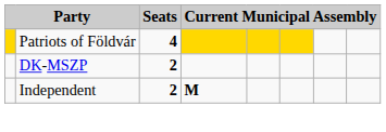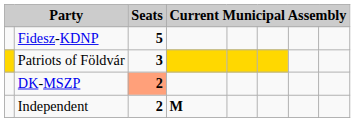 <table class="wikitable">
 <tr>
 <th style="background:#ccc" colspan="2">Party</th>
 <th style="background:#ccc">Seats</th>
 <th style="background:#ccc" colspan="5">Current Municipal Assembly</th>
 </tr>
 <tr>
+<td style="background-color: "> </td>
+<td><a href='#'>Fidesz</a>-<a href='#'>KDNP</a></td>
+<td style="text-align: right"><strong>5</strong></td>
+<td style="background-color: "> </td>
+<td style="background-color: "> </td>
+<td style="background-color: "> </td>
+<td style="background-color: "> </td>
+<td style="background-color: "> </td>
+</tr>
+<tr>
 <td style="background-color: #FFD800"> </td>
 <td>Patriots of Földvár</td>
-<td style="text-align: right"><strong>4</strong></td>
+<td style="text-align: right"><strong>3</strong></td>
 <td style="background-color: #FFD800"> </td>
 <td style="background-color: #FFD800"> </td>
 <td style="background-color: #FFD800"> </td>
 <td> </td>
 <td> </td>
 </tr>
 <tr>
 <td style="background-color: "> </td>
 <td><a href='#'>DK</a>-<a href='#'>MSZP</a></td>
-<td style="text-align: right"><strong>2</strong></td>
+<td style="background: lightsalmon; text-align: right"><strong>2</strong></td>
 <td style="background-color: "> </td>
 <td style="background-color: "> </td>
 <td> </td>
 <td> </td>
 <td> </td>
 </tr>
 <tr>
 <td style="background-color: "> </td>
 <td>Independent</td>
 <td style="text-align: right"><strong>2</strong></td>
 <td style="background-color: "><span><strong>M</strong></span></td>
 <td style="background-color: "> </td>
 <td> </td>
 <td> </td>
 <td> </td>
 </tr>
 </table>
